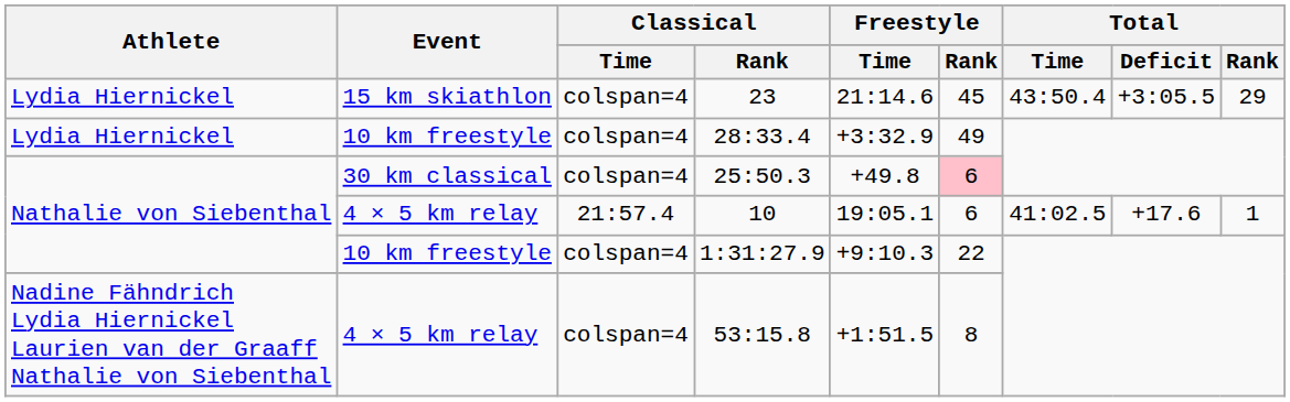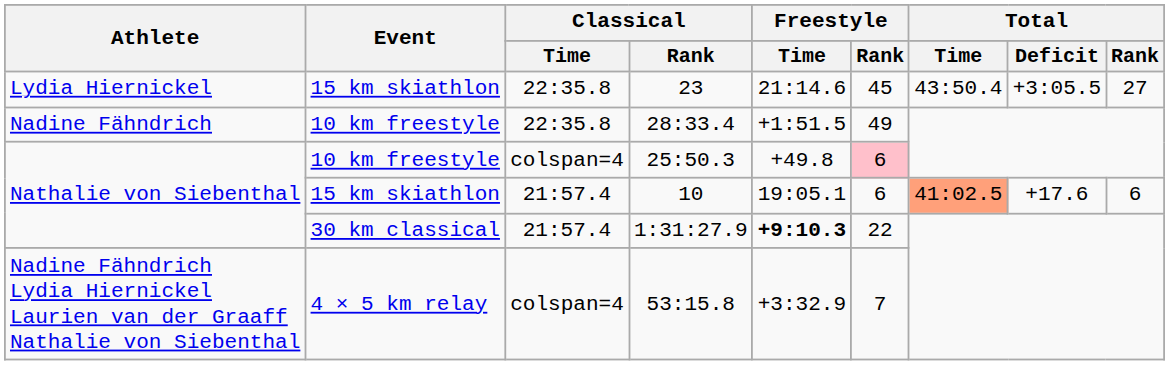 <table class="wikitable" style="font-size:90%">
 <tr>
 <th rowspan=2>Athlete</th>
 <th rowspan=2>Event</th>
 <th colspan=2>Classical</th>
 <th colspan=2>Freestyle</th>
 <th colspan=3>Total</th>
 </tr>
 <tr style="font-size:95%">
 <th>Time</th>
 <th>Rank</th>
 <th>Time</th>
 <th>Rank</th>
 <th>Time</th>
 <th>Deficit</th>
 <th>Rank</th>
 </tr>
 <tr align=center>
 <td align=left><a href='#'>Lydia Hiernickel</a></td>
 <td align=left><a href='#'>15 km skiathlon</a></td>
-<td>colspan=4 </td>
+<td>22:35.8</td>
 <td>23</td>
 <td>21:14.6</td>
 <td>45</td>
 <td>43:50.4</td>
 <td>+3:05.5</td>
-<td>29</td>
+<td>27</td>
 </tr>
 <tr align=center>
-<td align=left><a href='#'>Lydia Hiernickel</a></td>
+<td align=left><a href='#'>Nadine Fähndrich</a></td>
 <td align=left><a href='#'>10 km freestyle</a></td>
-<td>colspan=4 </td>
+<td>22:35.8</td>
 <td>28:33.4</td>
-<td>+3:32.9</td>
+<td>+1:51.5</td>
 <td>49</td>
 </tr>
 <tr align=center>
 <td align=left rowspan=3><a href='#'>Nathalie von Siebenthal</a></td>
-<td align=left><a href='#'>30 km classical</a></td>
+<td align=left><a href='#'>10 km freestyle</a></td>
 <td>colspan=4 </td>
 <td>25:50.3</td>
 <td>+49.8</td>
 <td style="background: pink;">6</td>
 </tr>
 <tr align=center>
-<td align=left><a href='#'>4 × 5 km relay</a></td>
+<td align=left><a href='#'>15 km skiathlon</a></td>
 <td>21:57.4</td>
 <td>10</td>
 <td>19:05.1</td>
 <td>6</td>
-<td>41:02.5</td>
+<td style="background: lightsalmon;">41:02.5</td>
 <td>+17.6</td>
-<td>1</td>
+<td>6</td>
 </tr>
 <tr align=center>
-<td align=left><a href='#'>10 km freestyle</a></td>
-<td>colspan=4 </td>
+<td align=left><a href='#'>30 km classical</a></td>
+<td>21:57.4</td>
 <td>1:31:27.9</td>
-<td>+9:10.3</td>
+<td><strong>+9:10.3</strong></td>
 <td>22</td>
 </tr>
 <tr align=center>
 <td align=left><a href='#'>Nadine Fähndrich</a><br><a href='#'>Lydia Hiernickel</a><br><a href='#'>Laurien van der Graaff</a><br><a href='#'>Nathalie von Siebenthal</a></td>
 <td align=left><a href='#'>4 × 5 km relay</a></td>
 <td>colspan=4 </td>
 <td>53:15.8</td>
-<td>+1:51.5</td>
-<td>8</td>
+<td>+3:32.9</td>
+<td>7</td>
 </tr>
 </table>
